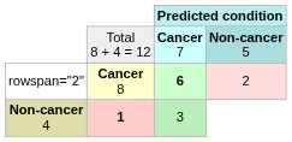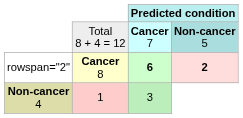 <table class="wikitable" style="border:none; background:transparent; text-align:center;" align="center">
 <tr>
 <td rowspan="2" style="border:none;"></td>
 <td style="border:none;"></td>
 <td colspan="2" style="background:#bbeeee;"><strong>Predicted condition</strong></td>
 </tr>
 <tr>
 <td style="background:#eeeeee;">Total<br>8 + 4 = 12</td>
 <td style="background:#ccffff;"><strong>Cancer</strong><br>7</td>
 <td style="background:#aadddd;"><strong>Non-cancer</strong><br>5</td>
 </tr>
 <tr>
 <td>rowspan="2" </td>
 <td style="background:#ffffcc;"><strong>Cancer</strong><br>8</td>
 <td style="background:#ccffcc;"><strong>6</strong></td>
-<td style="background:#ffdddd;">2</td>
+<td style="background:#ffdddd;"><strong>2</strong></td>
 </tr>
 <tr>
 <td style="background:#ddddaa;"><strong>Non-cancer</strong><br>4</td>
-<td style="background:#ffcccc;"><strong>1</strong></td>
+<td style="background:#ffcccc;">1</td>
 <td style="background:#bbeebb;">3</td>
 </tr>
 </table>
